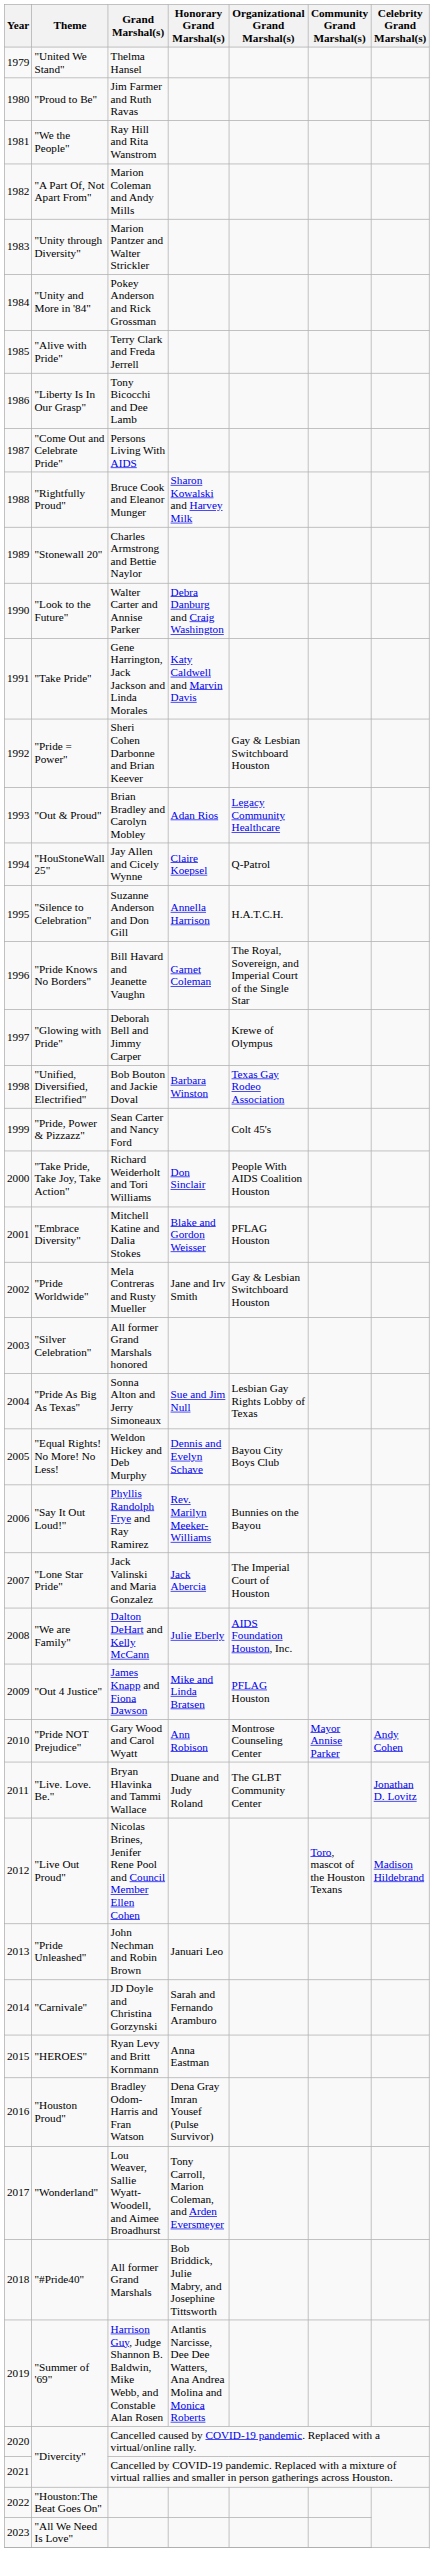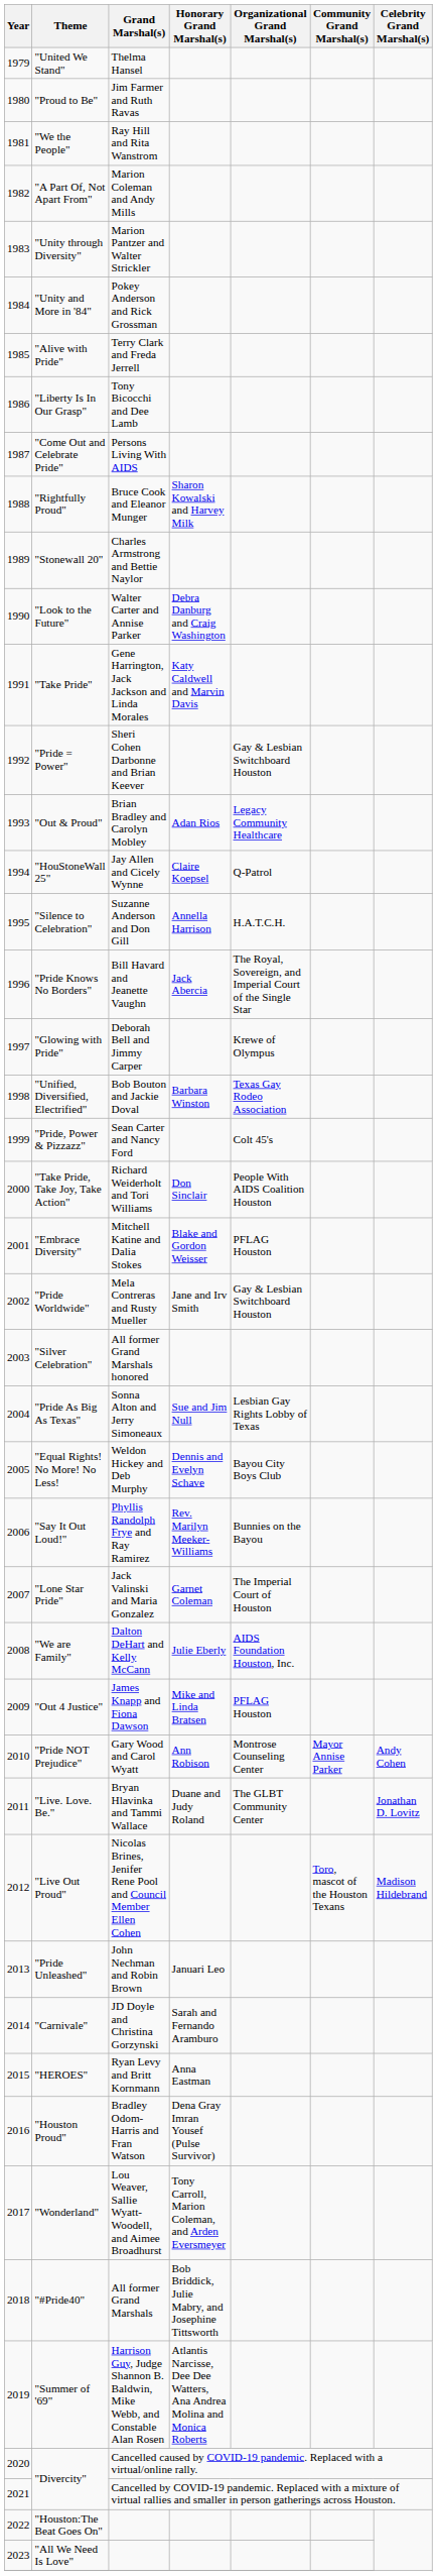 <table class="wikitable">
 <tr>
 <th>Year</th>
 <th>Theme</th>
 <th>Grand Marshal(s)</th>
 <th>Honorary Grand Marshal(s)</th>
 <th>Organizational Grand Marshal(s)</th>
 <th>Community Grand Marshal(s)</th>
 <th>Celebrity Grand Marshal(s)</th>
 </tr>
 <tr>
 <td>1979</td>
 <td>"United We Stand"</td>
 <td>Thelma Hansel</td>
 <td></td>
 <td></td>
 <td></td>
 <td></td>
 </tr>
 <tr>
 <td>1980</td>
 <td>"Proud to Be"</td>
 <td>Jim Farmer and Ruth Ravas</td>
 <td></td>
 <td></td>
 <td></td>
 <td></td>
 </tr>
 <tr>
 <td>1981</td>
 <td>"We the People"</td>
 <td>Ray Hill and Rita Wanstrom</td>
 <td></td>
 <td></td>
 <td></td>
 <td></td>
 </tr>
 <tr>
 <td>1982</td>
 <td>"A Part Of, Not Apart From"</td>
 <td>Marion Coleman and Andy Mills</td>
 <td></td>
 <td></td>
 <td></td>
 <td></td>
 </tr>
 <tr>
 <td>1983</td>
 <td>"Unity through Diversity"</td>
 <td>Marion Pantzer and Walter Strickler</td>
 <td></td>
 <td></td>
 <td></td>
 <td></td>
 </tr>
 <tr>
 <td>1984</td>
 <td>"Unity and More in '84"</td>
 <td>Pokey Anderson and Rick Grossman</td>
 <td></td>
 <td></td>
 <td></td>
 <td></td>
 </tr>
 <tr>
 <td>1985</td>
 <td>"Alive with Pride"</td>
 <td>Terry Clark and Freda Jerrell</td>
 <td></td>
 <td></td>
 <td></td>
 <td></td>
 </tr>
 <tr>
 <td>1986</td>
 <td>"Liberty Is In Our Grasp"</td>
 <td>Tony Bicocchi and Dee Lamb</td>
 <td></td>
 <td></td>
 <td></td>
 <td></td>
 </tr>
 <tr>
 <td>1987</td>
 <td>"Come Out and Celebrate Pride"</td>
 <td>Persons Living With <a href='#'>AIDS</a></td>
 <td></td>
 <td></td>
 <td></td>
 <td></td>
 </tr>
 <tr>
 <td>1988</td>
 <td>"Rightfully Proud"</td>
 <td>Bruce Cook and Eleanor Munger</td>
 <td><a href='#'>Sharon Kowalski</a> and <a href='#'>Harvey Milk</a></td>
 <td></td>
 <td></td>
 <td></td>
 </tr>
 <tr>
 <td>1989</td>
 <td>"Stonewall 20"</td>
 <td>Charles Armstrong and Bettie Naylor</td>
 <td></td>
 <td></td>
 <td></td>
 <td></td>
 </tr>
 <tr>
 <td>1990</td>
 <td>"Look to the Future"</td>
 <td>Walter Carter and Annise Parker</td>
 <td><a href='#'>Debra Danburg</a> and <a href='#'>Craig Washington</a></td>
 <td></td>
 <td></td>
 <td></td>
 </tr>
 <tr>
 <td>1991</td>
 <td>"Take Pride"</td>
 <td>Gene Harrington, Jack Jackson and Linda Morales</td>
 <td><a href='#'>Katy Caldwell</a> and <a href='#'>Marvin Davis</a></td>
 <td></td>
 <td></td>
 <td></td>
 </tr>
 <tr>
 <td>1992</td>
 <td>"Pride = Power"</td>
 <td>Sheri Cohen Darbonne and Brian Keever</td>
 <td></td>
 <td>Gay & Lesbian Switchboard Houston</td>
 <td></td>
 <td></td>
 </tr>
 <tr>
 <td>1993</td>
 <td>"Out & Proud"</td>
 <td>Brian Bradley and Carolyn Mobley</td>
 <td><a href='#'>Adan Rios</a></td>
 <td><a href='#'>Legacy Community Healthcare</a></td>
 <td></td>
 <td></td>
 </tr>
 <tr>
 <td>1994</td>
 <td>"HouStoneWall 25"</td>
 <td>Jay Allen and Cicely Wynne</td>
 <td><a href='#'>Claire Koepsel</a></td>
 <td>Q-Patrol</td>
 <td></td>
 <td></td>
 </tr>
 <tr>
 <td>1995</td>
 <td>"Silence to Celebration"</td>
 <td>Suzanne Anderson and Don Gill</td>
 <td><a href='#'>Annella Harrison</a></td>
 <td>H.A.T.C.H.</td>
 <td></td>
 <td></td>
 </tr>
 <tr>
 <td>1996</td>
 <td>"Pride Knows No Borders"</td>
 <td>Bill Havard and Jeanette Vaughn</td>
-<td><a href='#'>Garnet Coleman</a></td>
+<td><a href='#'>Jack Abercia</a></td>
 <td>The Royal, Sovereign, and Imperial Court of the Single Star</td>
 <td></td>
 <td></td>
 </tr>
 <tr>
 <td>1997</td>
 <td>"Glowing with Pride"</td>
 <td>Deborah Bell and Jimmy Carper</td>
 <td></td>
 <td>Krewe of Olympus</td>
 <td></td>
 <td></td>
 </tr>
 <tr>
 <td>1998</td>
 <td>"Unified, Diversified, Electrified"</td>
 <td>Bob Bouton and Jackie Doval</td>
 <td><a href='#'>Barbara Winston</a></td>
 <td><a href='#'>Texas Gay Rodeo Association</a></td>
 <td></td>
 <td></td>
 </tr>
 <tr>
 <td>1999</td>
 <td>"Pride, Power & Pizzazz"</td>
 <td>Sean Carter and Nancy Ford</td>
 <td></td>
 <td>Colt 45's</td>
 <td></td>
 <td></td>
 </tr>
 <tr>
 <td>2000</td>
 <td>"Take Pride, Take Joy, Take Action"</td>
 <td>Richard Weiderholt and Tori Williams</td>
 <td><a href='#'>Don Sinclair</a></td>
 <td>People With AIDS Coalition Houston</td>
 <td></td>
 <td></td>
 </tr>
 <tr>
 <td>2001</td>
 <td>"Embrace Diversity"</td>
 <td>Mitchell Katine and Dalia Stokes</td>
 <td><a href='#'>Blake and Gordon Weisser</a></td>
 <td>PFLAG Houston</td>
 <td></td>
 <td></td>
 </tr>
 <tr>
 <td>2002</td>
 <td>"Pride Worldwide"</td>
 <td>Mela Contreras and Rusty Mueller</td>
 <td>Jane and Irv Smith</td>
 <td>Gay & Lesbian Switchboard Houston</td>
 <td></td>
 <td></td>
 </tr>
 <tr>
 <td>2003</td>
 <td>"Silver Celebration"</td>
 <td>All former Grand Marshals honored</td>
 <td></td>
 <td></td>
 <td></td>
 <td></td>
 </tr>
 <tr>
 <td>2004</td>
 <td>"Pride As Big As Texas"</td>
 <td>Sonna Alton and Jerry Simoneaux</td>
 <td><a href='#'>Sue and Jim Null</a></td>
 <td>Lesbian Gay Rights Lobby of Texas</td>
 <td></td>
 <td></td>
 </tr>
 <tr>
 <td>2005</td>
 <td>"Equal Rights! No More! No Less!</td>
 <td>Weldon Hickey and Deb Murphy</td>
 <td><a href='#'>Dennis and Evelyn Schave</a></td>
 <td>Bayou City Boys Club</td>
 <td></td>
 <td></td>
 </tr>
 <tr>
 <td>2006</td>
 <td>"Say It Out Loud!"</td>
 <td><a href='#'>Phyllis Randolph Frye</a> and Ray Ramirez</td>
 <td><a href='#'>Rev. Marilyn Meeker-Williams</a></td>
 <td>Bunnies on the Bayou</td>
 <td></td>
 <td></td>
 </tr>
 <tr>
 <td>2007</td>
 <td>"Lone Star Pride"</td>
 <td>Jack Valinski and Maria Gonzalez</td>
-<td><a href='#'>Jack Abercia</a></td>
+<td><a href='#'>Garnet Coleman</a></td>
 <td>The Imperial Court of Houston</td>
 <td></td>
 <td></td>
 </tr>
 <tr>
 <td>2008</td>
 <td>"We are Family"</td>
 <td><a href='#'>Dalton DeHart</a> and <a href='#'>Kelly McCann</a></td>
 <td><a href='#'>Julie Eberly</a></td>
 <td><a href='#'>AIDS Foundation Houston</a>, Inc.</td>
 <td></td>
 <td></td>
 </tr>
 <tr>
 <td>2009</td>
 <td>"Out 4 Justice"</td>
 <td><a href='#'>James Knapp</a> and <a href='#'>Fiona Dawson</a></td>
 <td><a href='#'>Mike and Linda Bratsen</a></td>
 <td><a href='#'>PFLAG</a> Houston</td>
 <td></td>
 <td></td>
 </tr>
 <tr>
 <td>2010</td>
 <td>"Pride NOT Prejudice"</td>
 <td>Gary Wood and Carol Wyatt</td>
 <td><a href='#'>Ann Robison</a></td>
 <td>Montrose Counseling Center</td>
 <td><a href='#'>Mayor Annise Parker</a></td>
 <td><a href='#'>Andy Cohen</a></td>
 </tr>
 <tr>
 <td>2011</td>
 <td>"Live. Love. Be."</td>
 <td>Bryan Hlavinka and Tammi Wallace</td>
 <td>Duane and Judy Roland</td>
 <td>The GLBT Community Center</td>
 <td></td>
 <td><a href='#'>Jonathan D. Lovitz</a></td>
 </tr>
 <tr>
 <td>2012</td>
 <td>"Live Out Proud"</td>
 <td>Nicolas Brines, Jenifer Rene Pool and <a href='#'>Council Member Ellen Cohen</a></td>
 <td></td>
 <td></td>
 <td><a href='#'>Toro</a>, mascot of the Houston Texans</td>
 <td><a href='#'>Madison Hildebrand</a></td>
 </tr>
 <tr>
 <td>2013</td>
 <td>"Pride Unleashed"</td>
 <td>John Nechman and Robin Brown</td>
 <td>Januari Leo</td>
 <td></td>
 <td></td>
 <td></td>
 </tr>
 <tr>
 <td>2014</td>
 <td>"Carnivale"</td>
 <td>JD Doyle and Christina Gorzynski</td>
 <td>Sarah and Fernando Aramburo</td>
 <td></td>
 <td></td>
 <td></td>
 </tr>
 <tr>
 <td>2015</td>
 <td>"HEROES"</td>
 <td>Ryan Levy and Britt Kornmann</td>
 <td>Anna Eastman</td>
 <td></td>
 <td></td>
 <td></td>
 </tr>
 <tr>
 <td>2016</td>
 <td>"Houston Proud"</td>
 <td>Bradley Odom-Harris and Fran Watson</td>
 <td>Dena Gray<br>Imran Yousef (Pulse Survivor)</td>
 <td></td>
 <td></td>
 <td></td>
 </tr>
 <tr>
 <td>2017</td>
 <td>"Wonderland"</td>
 <td>Lou Weaver, Sallie Wyatt-Woodell, and Aimee Broadhurst</td>
 <td>Tony Carroll, Marion Coleman, and <a href='#'>Arden Eversmeyer</a></td>
 <td></td>
 <td></td>
 <td></td>
 </tr>
 <tr>
 <td>2018</td>
 <td>"#Pride40"</td>
 <td>All former Grand Marshals</td>
 <td>Bob Briddick, Julie Mabry, and Josephine Tittsworth</td>
 <td></td>
 <td></td>
 <td></td>
 </tr>
 <tr>
 <td>2019</td>
 <td>"Summer of '69"</td>
 <td><a href='#'>Harrison Guy</a>, Judge Shannon B. Baldwin, Mike Webb, and Constable Alan Rosen</td>
 <td>Atlantis Narcisse, Dee Dee Watters, Ana Andrea Molina and <a href='#'>Monica Roberts</a></td>
 <td></td>
 <td></td>
 </tr>
 <tr>
 <td>2020</td>
 <td rowspan=2>"Divercity"</td>
 <td colspan=5>Cancelled caused by <a href='#'>COVID-19 pandemic</a>. Replaced with a virtual/online rally.</td>
 </tr>
 <tr>
 <td>2021</td>
 <td colspan=5>Cancelled by COVID-19 pandemic. Replaced with a mixture of virtual rallies and smaller in person gatherings across Houston.</td>
 </tr>
 <tr>
 <td>2022</td>
 <td>"Houston:The Beat Goes On"</td>
 <td></td>
 <td></td>
 <td></td>
 <td></td>
 </tr>
 <tr>
 <td>2023</td>
 <td>"All We Need Is Love"</td>
 <td></td>
 <td></td>
 <td></td>
 <td></td>
 </tr>
 <tr>
 </tr>
 </table>
